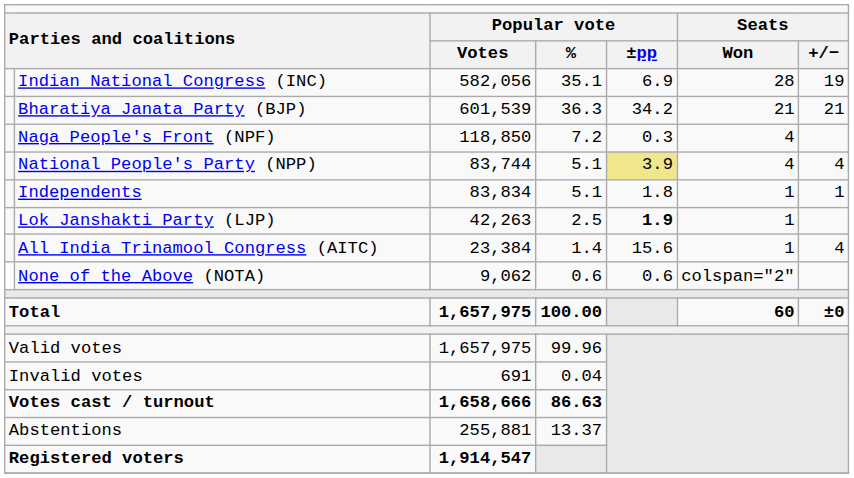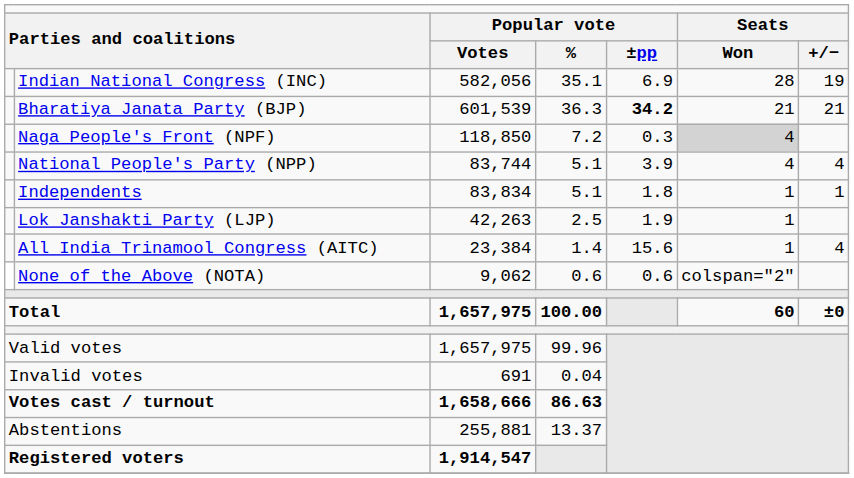 <table class="wikitable" style="text-align:right; font-size:95%;">
 <tr>
 <td colspan="7"></td>
 </tr>
 <tr>
 <th style="text-align:left;" rowspan="2" colspan="2" width="300">Parties and coalitions</th>
 <th colspan="3">Popular vote</th>
 <th colspan="2">Seats</th>
 </tr>
 <tr>
 <th width="70">Votes</th>
 <th width="45">%</th>
 <th width="45">±<a href='#'>pp</a></th>
 <th width="30">Won</th>
 <th width="30">+/−</th>
 </tr>
 <tr>
 <td style="color:inherit;background:"></td>
 <td align="left"><a href='#'>Indian National Congress</a> (INC)</td>
 <td>582,056</td>
 <td>35.1</td>
 <td>6.9</td>
 <td>28</td>
 <td>19</td>
 </tr>
 <tr>
 <td style="color:inherit;background:"></td>
 <td align="left"><a href='#'>Bharatiya Janata Party</a> (BJP)</td>
 <td>601,539</td>
 <td>36.3</td>
-<td>34.2</td>
+<td><strong>34.2</strong></td>
 <td>21</td>
 <td>21</td>
 </tr>
 <tr>
 <td style="color:inherit;background:"></td>
 <td align="left"><a href='#'>Naga People's Front</a> (NPF)</td>
 <td>118,850</td>
 <td>7.2</td>
 <td>0.3</td>
-<td>4</td>
+<td style="background: lightgrey;">4</td>
 <td></td>
 </tr>
 <tr>
 <td style="color:inherit;background:"></td>
 <td align="left"><a href='#'>National People's Party</a> (NPP)</td>
 <td>83,744</td>
 <td>5.1</td>
-<td style="background: khaki;">3.9</td>
+<td>3.9</td>
 <td>4</td>
 <td>4</td>
 </tr>
 <tr>
 <td style="color:inherit;background:"></td>
 <td align="left"><a href='#'>Independents</a></td>
 <td>83,834</td>
 <td>5.1</td>
 <td>1.8</td>
 <td>1</td>
 <td>1</td>
 </tr>
 <tr>
 <td style="color:inherit;background:"></td>
 <td align="left"><a href='#'>Lok Janshakti Party</a> (LJP)</td>
 <td>42,263</td>
 <td>2.5</td>
-<td><strong>1.9</strong></td>
+<td>1.9</td>
 <td>1</td>
 <td></td>
 </tr>
 <tr>
 <td style="color:inherit;background:"></td>
 <td align="left"><a href='#'>All India Trinamool Congress</a> (AITC)</td>
 <td>23,384</td>
 <td>1.4</td>
 <td>15.6</td>
 <td>1</td>
 <td>4</td>
 </tr>
 <tr>
 <td bgcolor=white></td>
 <td align="left"><a href='#'>None of the Above</a> (NOTA)</td>
 <td>9,062</td>
 <td>0.6</td>
 <td>0.6</td>
 <td>colspan="2" </td>
 </tr>
 <tr>
 <td colspan="7" bgcolor="#E9E9E9"></td>
 </tr>
 <tr style="font-weight:bold;">
 <td align="left" colspan="2">Total</td>
 <td>1,657,975</td>
 <td>100.00</td>
 <td bgcolor="#E9E9E9"></td>
 <td>60</td>
 <td>±0</td>
 </tr>
 <tr>
 <th colspan="9"></th>
 </tr>
 <tr>
 <td style="text-align:left;" colspan="2">Valid votes</td>
 <td align="right">1,657,975</td>
 <td align="right">99.96</td>
 <td colspan="4" rowspan="5" style="background-color:#E9E9E9"></td>
 </tr>
 <tr>
 <td style="text-align:left;" colspan="2">Invalid votes</td>
 <td align="right">691</td>
 <td align="right">0.04</td>
 </tr>
 <tr>
 <td style="text-align:left;" colspan="2"><strong>Votes cast / turnout</strong></td>
 <td align="right"><strong>1,658,666</strong></td>
 <td align="right"><strong>86.63</strong></td>
 </tr>
 <tr>
 <td style="text-align:left;" colspan="2">Abstentions</td>
 <td align="right">255,881</td>
 <td align="right">13.37</td>
 </tr>
 <tr>
 <td style="text-align:left;" colspan="2"><strong>Registered voters</strong></td>
 <td align="right"><strong>1,914,547</strong></td>
 <td colspan="1" style="background-color:#E9E9E9"></td>
 </tr>
 <tr>
 </tr>
 <tr>
 </tr>
 </table>
